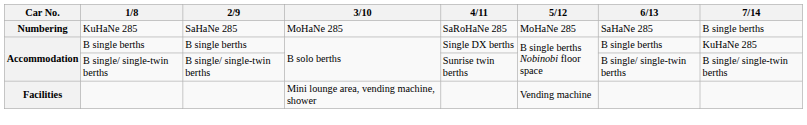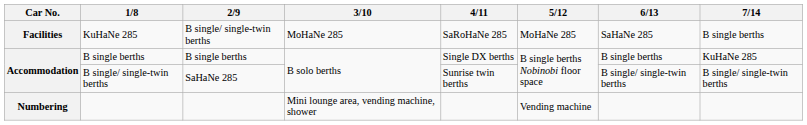 <table class="wikitable">
 <tr>
 <th>Car No.</th>
 <th>1/8</th>
 <th>2/9</th>
 <th>3/10</th>
 <th>4/11</th>
 <th>5/12</th>
 <th>6/13</th>
 <th>7/14</th>
 </tr>
 <tr>
-<th>Numbering</th>
+<th>Facilities</th>
 <td>KuHaNe 285</td>
-<td>SaHaNe 285</td>
+<td>B single/ single-twin berths</td>
 <td>MoHaNe 285</td>
 <td>SaRoHaNe 285</td>
 <td>MoHaNe 285</td>
 <td>SaHaNe 285</td>
 <td>B single berths</td>
 </tr>
 <tr>
 <th rowspan=2>Accommodation</th>
 <td>B single berths</td>
 <td>B single berths</td>
 <td rowspan=2>B solo berths</td>
 <td>Single DX berths</td>
 <td rowspan=2>B single berths<br><em>Nobinobi</em> floor space</td>
 <td>B single berths</td>
 <td>KuHaNe 285</td>
 </tr>
 <tr>
 <td>B single/ single-twin berths</td>
-<td>B single/ single-twin berths</td>
+<td>SaHaNe 285</td>
 <td>Sunrise twin berths</td>
 <td>B single/ single-twin berths</td>
 <td>B single/ single-twin berths</td>
 </tr>
 <tr>
-<th>Facilities</th>
+<th>Numbering</th>
 <td> </td>
 <td> </td>
 <td>Mini lounge area, vending machine, shower</td>
 <td> </td>
 <td>Vending machine</td>
 <td> </td>
 <td> </td>
 </tr>
 </table>
